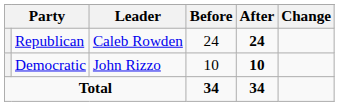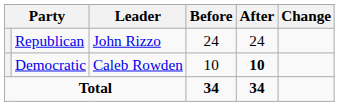 <table class="wikitable" style="text-align:center;">
 <tr>
 </tr>
 <tr>
 <th colspan=2>Party</th>
 <th>Leader</th>
 <th>Before</th>
 <th>After</th>
 <th>Change</th>
 </tr>
 <tr>
 <th style="background-color:"></th>
 <td style="text-align:left;"><a href='#'>Republican</a></td>
-<td style="text-align:left;"><a href='#'>Caleb Rowden</a></td>
+<td style="text-align:left;"><a href='#'>John Rizzo</a></td>
 <td>24</td>
-<td><strong>24</strong></td>
+<td>24</td>
 <td></td>
 </tr>
 <tr>
 <th style="background-color:"></th>
 <td style="text-align:left;"><a href='#'>Democratic</a></td>
-<td style="text-align:left;"><a href='#'>John Rizzo</a></td>
+<td style="text-align:left;"><a href='#'>Caleb Rowden</a></td>
 <td>10</td>
 <td><strong>10</strong></td>
 <td></td>
 </tr>
 <tr>
 <td colspan=3><strong>Total</strong></td>
 <td><strong>34</strong></td>
 <td><strong>34</strong></td>
 <td></td>
 </tr>
 </table>
